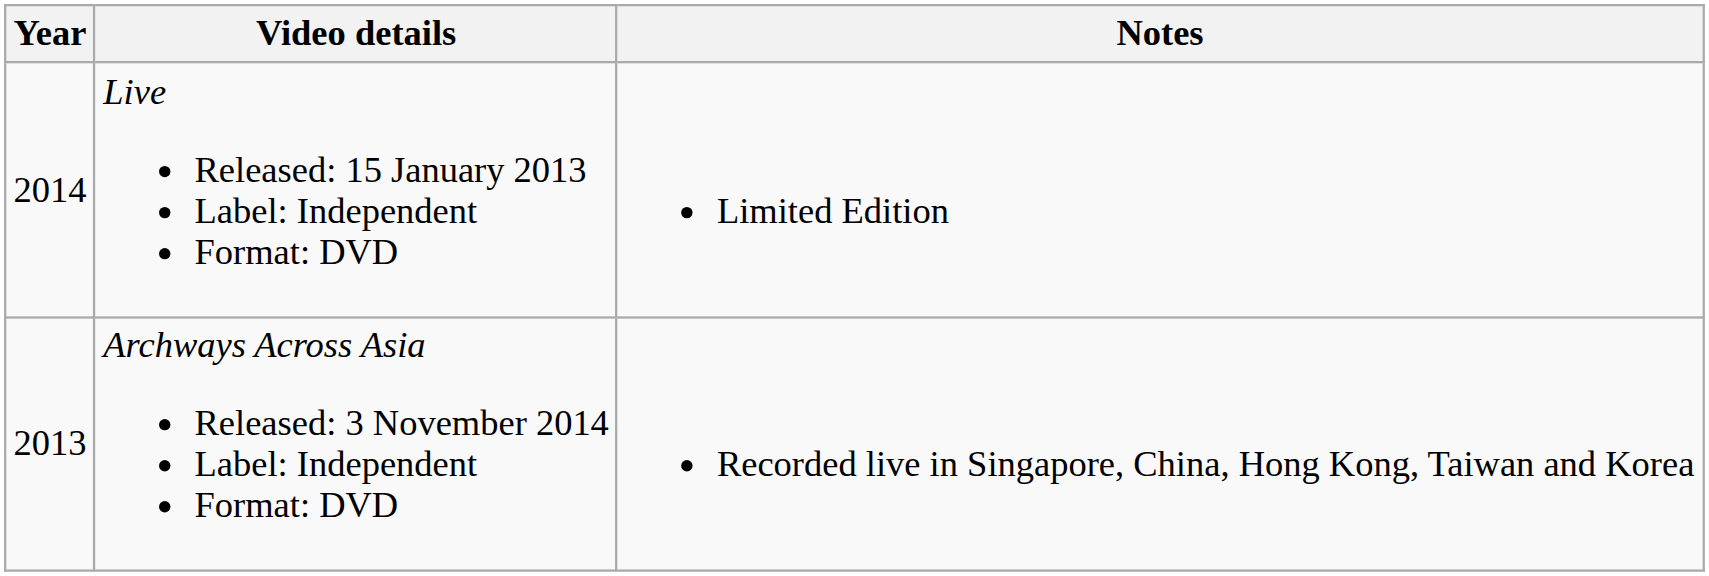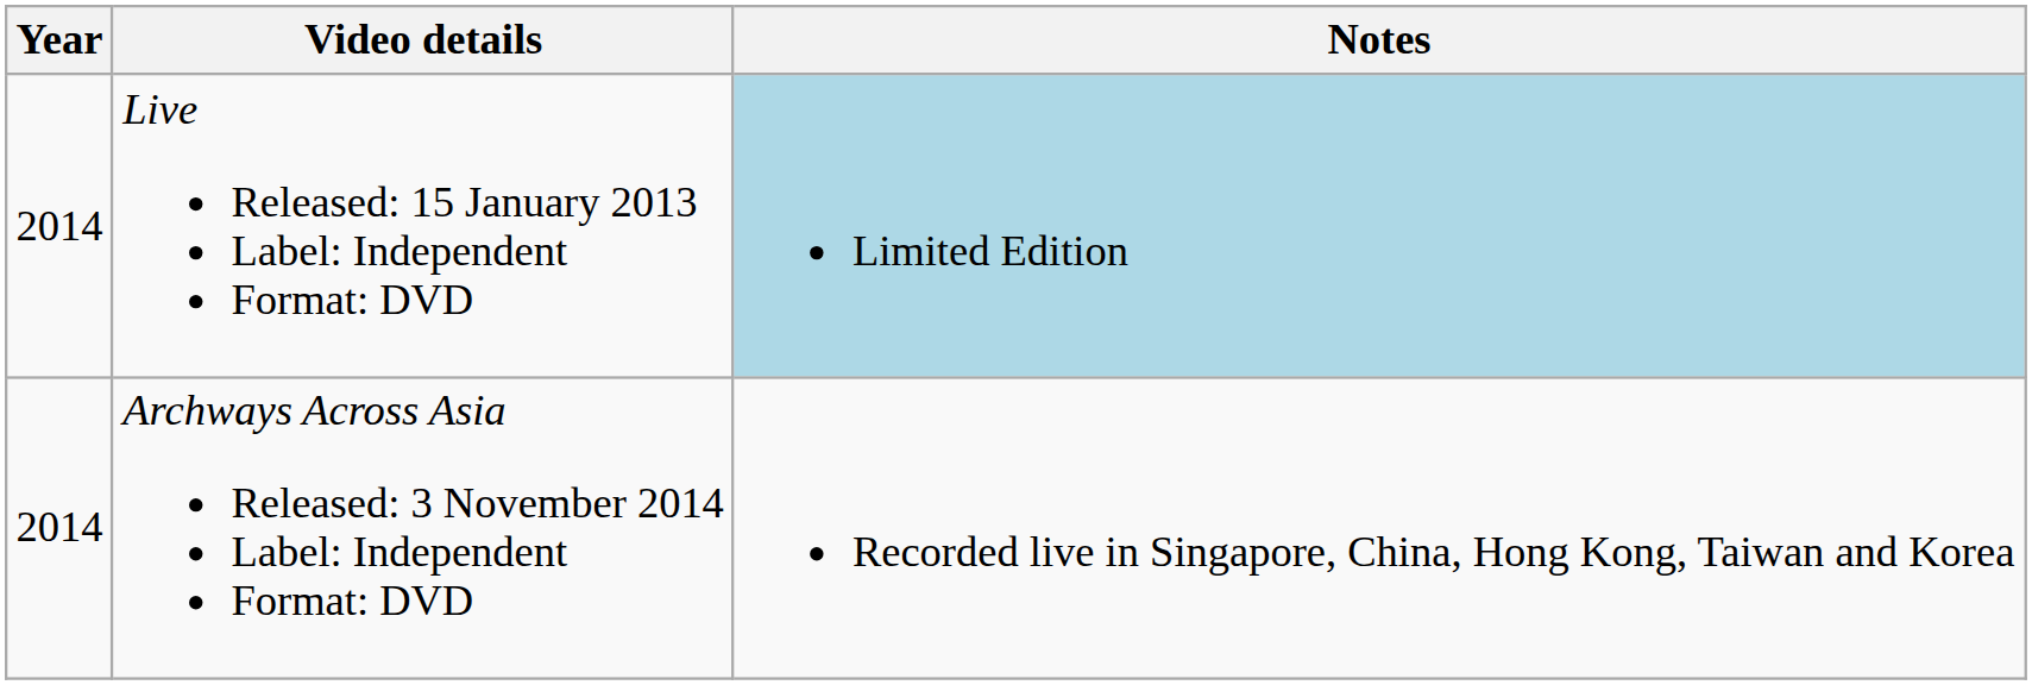 <table class="wikitable">
 <tr>
 <th>Year</th>
 <th>Video details</th>
 <th>Notes</th>
 </tr>
 <tr>
 <td>2014</td>
 <td><em>Live</em><br><ul><li>Released: 15 January 2013</li><li>Label: Independent</li><li>Format: DVD</li></ul></td>
-<td><br><ul><li>Limited Edition</li></ul></td>
+<td style="background: lightblue;"><br><ul><li>Limited Edition</li></ul></td>
 </tr>
 <tr>
-<td>2013</td>
+<td>2014</td>
 <td><em>Archways Across Asia</em><br><ul><li>Released: 3 November 2014</li><li>Label: Independent</li><li>Format: DVD</li></ul></td>
 <td><br><ul><li>Recorded live in Singapore, China, Hong Kong, Taiwan and Korea</li></ul></td>
 </tr>
 </table>
